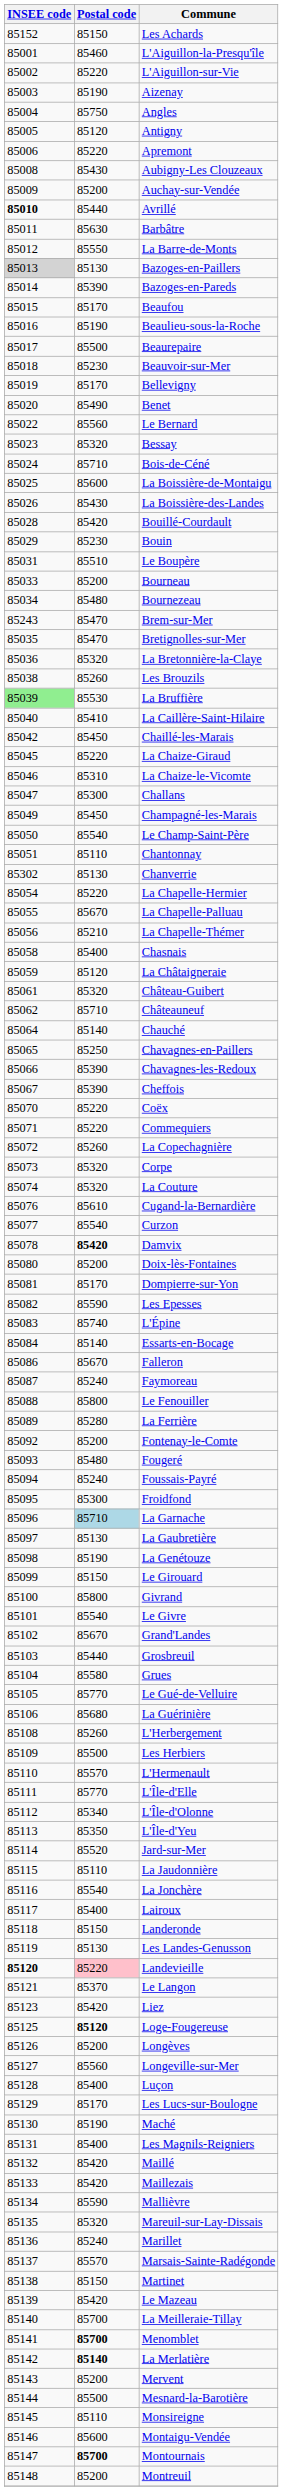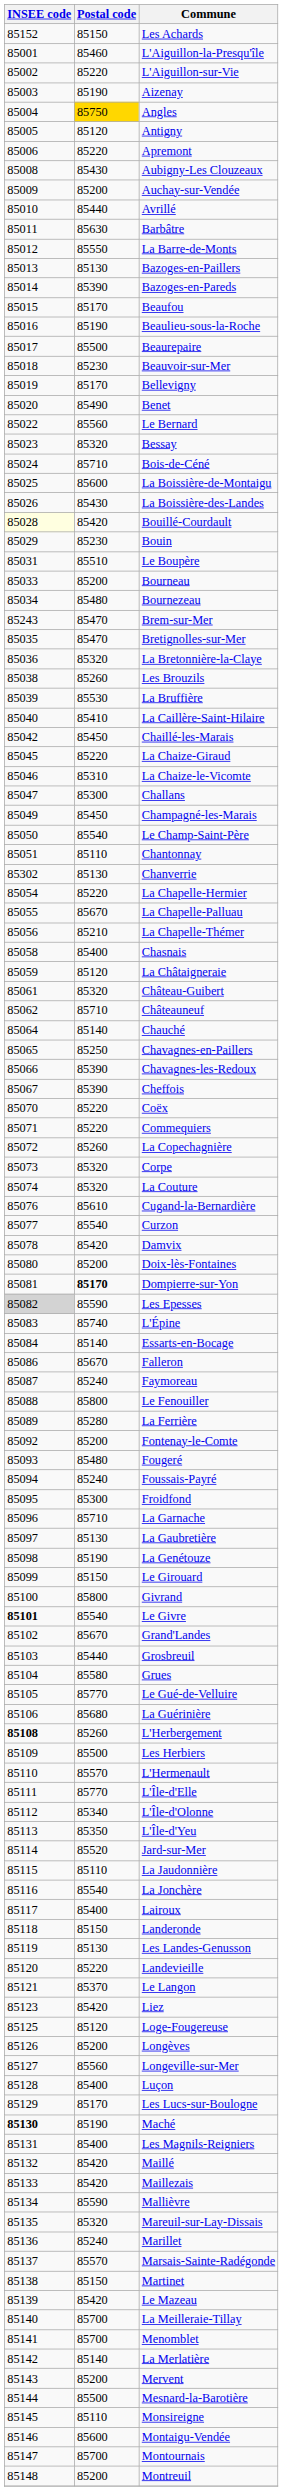 <table class="wikitable sortable">
 <tr>
 <th><a href='#'>INSEE code</a></th>
 <th><a href='#'>Postal code</a></th>
 <th>Commune</th>
 </tr>
 <tr>
 <td>85152</td>
 <td>85150</td>
 <td><a href='#'>Les Achards</a></td>
 </tr>
 <tr>
 <td>85001</td>
 <td>85460</td>
 <td><a href='#'>L'Aiguillon-la-Presqu'île</a></td>
 </tr>
 <tr>
 <td>85002</td>
 <td>85220</td>
 <td><a href='#'>L'Aiguillon-sur-Vie</a></td>
 </tr>
 <tr>
 <td>85003</td>
 <td>85190</td>
 <td><a href='#'>Aizenay</a></td>
 </tr>
 <tr>
 <td>85004</td>
-<td>85750</td>
+<td style="background: gold;">85750</td>
 <td><a href='#'>Angles</a></td>
 </tr>
 <tr>
 <td>85005</td>
 <td>85120</td>
 <td><a href='#'>Antigny</a></td>
 </tr>
 <tr>
 <td>85006</td>
 <td>85220</td>
 <td><a href='#'>Apremont</a></td>
 </tr>
 <tr>
 <td>85008</td>
 <td>85430</td>
 <td><a href='#'>Aubigny-Les Clouzeaux</a></td>
 </tr>
 <tr>
 <td>85009</td>
 <td>85200</td>
 <td><a href='#'>Auchay-sur-Vendée</a></td>
 </tr>
 <tr>
-<td><strong>85010</strong></td>
+<td>85010</td>
 <td>85440</td>
 <td><a href='#'>Avrillé</a></td>
 </tr>
 <tr>
 <td>85011</td>
 <td>85630</td>
 <td><a href='#'>Barbâtre</a></td>
 </tr>
 <tr>
 <td>85012</td>
 <td>85550</td>
 <td><a href='#'>La Barre-de-Monts</a></td>
 </tr>
 <tr>
-<td style="background: lightgrey;">85013</td>
+<td>85013</td>
 <td>85130</td>
 <td><a href='#'>Bazoges-en-Paillers</a></td>
 </tr>
 <tr>
 <td>85014</td>
 <td>85390</td>
 <td><a href='#'>Bazoges-en-Pareds</a></td>
 </tr>
 <tr>
 <td>85015</td>
 <td>85170</td>
 <td><a href='#'>Beaufou</a></td>
 </tr>
 <tr>
 <td>85016</td>
 <td>85190</td>
 <td><a href='#'>Beaulieu-sous-la-Roche</a></td>
 </tr>
 <tr>
 <td>85017</td>
 <td>85500</td>
 <td><a href='#'>Beaurepaire</a></td>
 </tr>
 <tr>
 <td>85018</td>
 <td>85230</td>
 <td><a href='#'>Beauvoir-sur-Mer</a></td>
 </tr>
 <tr>
 <td>85019</td>
 <td>85170</td>
 <td><a href='#'>Bellevigny</a></td>
 </tr>
 <tr>
 <td>85020</td>
 <td>85490</td>
 <td><a href='#'>Benet</a></td>
 </tr>
 <tr>
 <td>85022</td>
 <td>85560</td>
 <td><a href='#'>Le Bernard</a></td>
 </tr>
 <tr>
 <td>85023</td>
 <td>85320</td>
 <td><a href='#'>Bessay</a></td>
 </tr>
 <tr>
 <td>85024</td>
 <td>85710</td>
 <td><a href='#'>Bois-de-Céné</a></td>
 </tr>
 <tr>
 <td>85025</td>
 <td>85600</td>
 <td><a href='#'>La Boissière-de-Montaigu</a></td>
 </tr>
 <tr>
 <td>85026</td>
 <td>85430</td>
 <td><a href='#'>La Boissière-des-Landes</a></td>
 </tr>
 <tr>
-<td>85028</td>
+<td style="background: lightyellow;">85028</td>
 <td>85420</td>
 <td><a href='#'>Bouillé-Courdault</a></td>
 </tr>
 <tr>
 <td>85029</td>
 <td>85230</td>
 <td><a href='#'>Bouin</a></td>
 </tr>
 <tr>
 <td>85031</td>
 <td>85510</td>
 <td><a href='#'>Le Boupère</a></td>
 </tr>
 <tr>
 <td>85033</td>
 <td>85200</td>
 <td><a href='#'>Bourneau</a></td>
 </tr>
 <tr>
 <td>85034</td>
 <td>85480</td>
 <td><a href='#'>Bournezeau</a></td>
 </tr>
 <tr>
 <td>85243</td>
 <td>85470</td>
 <td><a href='#'>Brem-sur-Mer</a></td>
 </tr>
 <tr>
 <td>85035</td>
 <td>85470</td>
 <td><a href='#'>Bretignolles-sur-Mer</a></td>
 </tr>
 <tr>
 <td>85036</td>
 <td>85320</td>
 <td><a href='#'>La Bretonnière-la-Claye</a></td>
 </tr>
 <tr>
 <td>85038</td>
 <td>85260</td>
 <td><a href='#'>Les Brouzils</a></td>
 </tr>
 <tr>
-<td style="background: lightgreen;">85039</td>
+<td>85039</td>
 <td>85530</td>
 <td><a href='#'>La Bruffière</a></td>
 </tr>
 <tr>
 <td>85040</td>
 <td>85410</td>
 <td><a href='#'>La Caillère-Saint-Hilaire</a></td>
 </tr>
 <tr>
 <td>85042</td>
 <td>85450</td>
 <td><a href='#'>Chaillé-les-Marais</a></td>
 </tr>
 <tr>
 <td>85045</td>
 <td>85220</td>
 <td><a href='#'>La Chaize-Giraud</a></td>
 </tr>
 <tr>
 <td>85046</td>
 <td>85310</td>
 <td><a href='#'>La Chaize-le-Vicomte</a></td>
 </tr>
 <tr>
 <td>85047</td>
 <td>85300</td>
 <td><a href='#'>Challans</a></td>
 </tr>
 <tr>
 <td>85049</td>
 <td>85450</td>
 <td><a href='#'>Champagné-les-Marais</a></td>
 </tr>
 <tr>
 <td>85050</td>
 <td>85540</td>
 <td><a href='#'>Le Champ-Saint-Père</a></td>
 </tr>
 <tr>
 <td>85051</td>
 <td>85110</td>
 <td><a href='#'>Chantonnay</a></td>
 </tr>
 <tr>
 <td>85302</td>
 <td>85130</td>
 <td><a href='#'>Chanverrie</a></td>
 </tr>
 <tr>
 <td>85054</td>
 <td>85220</td>
 <td><a href='#'>La Chapelle-Hermier</a></td>
 </tr>
 <tr>
 <td>85055</td>
 <td>85670</td>
 <td><a href='#'>La Chapelle-Palluau</a></td>
 </tr>
 <tr>
 <td>85056</td>
 <td>85210</td>
 <td><a href='#'>La Chapelle-Thémer</a></td>
 </tr>
 <tr>
 <td>85058</td>
 <td>85400</td>
 <td><a href='#'>Chasnais</a></td>
 </tr>
 <tr>
 <td>85059</td>
 <td>85120</td>
 <td><a href='#'>La Châtaigneraie</a></td>
 </tr>
 <tr>
 <td>85061</td>
 <td>85320</td>
 <td><a href='#'>Château-Guibert</a></td>
 </tr>
 <tr>
 <td>85062</td>
 <td>85710</td>
 <td><a href='#'>Châteauneuf</a></td>
 </tr>
 <tr>
 <td>85064</td>
 <td>85140</td>
 <td><a href='#'>Chauché</a></td>
 </tr>
 <tr>
 <td>85065</td>
 <td>85250</td>
 <td><a href='#'>Chavagnes-en-Paillers</a></td>
 </tr>
 <tr>
 <td>85066</td>
 <td>85390</td>
 <td><a href='#'>Chavagnes-les-Redoux</a></td>
 </tr>
 <tr>
 <td>85067</td>
 <td>85390</td>
 <td><a href='#'>Cheffois</a></td>
 </tr>
 <tr>
 <td>85070</td>
 <td>85220</td>
 <td><a href='#'>Coëx</a></td>
 </tr>
 <tr>
 <td>85071</td>
 <td>85220</td>
 <td><a href='#'>Commequiers</a></td>
 </tr>
 <tr>
 <td>85072</td>
 <td>85260</td>
 <td><a href='#'>La Copechagnière</a></td>
 </tr>
 <tr>
 <td>85073</td>
 <td>85320</td>
 <td><a href='#'>Corpe</a></td>
 </tr>
 <tr>
 <td>85074</td>
 <td>85320</td>
 <td><a href='#'>La Couture</a></td>
 </tr>
 <tr>
 <td>85076</td>
 <td>85610</td>
 <td><a href='#'>Cugand-la-Bernardière</a></td>
 </tr>
 <tr>
 <td>85077</td>
 <td>85540</td>
 <td><a href='#'>Curzon</a></td>
 </tr>
 <tr>
 <td>85078</td>
-<td><strong>85420</strong></td>
+<td>85420</td>
 <td><a href='#'>Damvix</a></td>
 </tr>
 <tr>
 <td>85080</td>
 <td>85200</td>
 <td><a href='#'>Doix-lès-Fontaines</a></td>
 </tr>
 <tr>
 <td>85081</td>
-<td>85170</td>
+<td><strong>85170</strong></td>
 <td><a href='#'>Dompierre-sur-Yon</a></td>
 </tr>
 <tr>
-<td>85082</td>
+<td style="background: lightgrey;">85082</td>
 <td>85590</td>
 <td><a href='#'>Les Epesses</a></td>
 </tr>
 <tr>
 <td>85083</td>
 <td>85740</td>
 <td><a href='#'>L'Épine</a></td>
 </tr>
 <tr>
 <td>85084</td>
 <td>85140</td>
 <td><a href='#'>Essarts-en-Bocage</a></td>
 </tr>
 <tr>
 <td>85086</td>
 <td>85670</td>
 <td><a href='#'>Falleron</a></td>
 </tr>
 <tr>
 <td>85087</td>
 <td>85240</td>
 <td><a href='#'>Faymoreau</a></td>
 </tr>
 <tr>
 <td>85088</td>
 <td>85800</td>
 <td><a href='#'>Le Fenouiller</a></td>
 </tr>
 <tr>
 <td>85089</td>
 <td>85280</td>
 <td><a href='#'>La Ferrière</a></td>
 </tr>
 <tr>
 <td>85092</td>
 <td>85200</td>
 <td><a href='#'>Fontenay-le-Comte</a></td>
 </tr>
 <tr>
 <td>85093</td>
 <td>85480</td>
 <td><a href='#'>Fougeré</a></td>
 </tr>
 <tr>
 <td>85094</td>
 <td>85240</td>
 <td><a href='#'>Foussais-Payré</a></td>
 </tr>
 <tr>
 <td>85095</td>
 <td>85300</td>
 <td><a href='#'>Froidfond</a></td>
 </tr>
 <tr>
 <td>85096</td>
-<td style="background: lightblue;">85710</td>
+<td>85710</td>
 <td><a href='#'>La Garnache</a></td>
 </tr>
 <tr>
 <td>85097</td>
 <td>85130</td>
 <td><a href='#'>La Gaubretière</a></td>
 </tr>
 <tr>
 <td>85098</td>
 <td>85190</td>
 <td><a href='#'>La Genétouze</a></td>
 </tr>
 <tr>
 <td>85099</td>
 <td>85150</td>
 <td><a href='#'>Le Girouard</a></td>
 </tr>
 <tr>
 <td>85100</td>
 <td>85800</td>
 <td><a href='#'>Givrand</a></td>
 </tr>
 <tr>
-<td>85101</td>
+<td><strong>85101</strong></td>
 <td>85540</td>
 <td><a href='#'>Le Givre</a></td>
 </tr>
 <tr>
 <td>85102</td>
 <td>85670</td>
 <td><a href='#'>Grand'Landes</a></td>
 </tr>
 <tr>
 <td>85103</td>
 <td>85440</td>
 <td><a href='#'>Grosbreuil</a></td>
 </tr>
 <tr>
 <td>85104</td>
 <td>85580</td>
 <td><a href='#'>Grues</a></td>
 </tr>
 <tr>
 <td>85105</td>
 <td>85770</td>
 <td><a href='#'>Le Gué-de-Velluire</a></td>
 </tr>
 <tr>
 <td>85106</td>
 <td>85680</td>
 <td><a href='#'>La Guérinière</a></td>
 </tr>
 <tr>
-<td>85108</td>
+<td><strong>85108</strong></td>
 <td>85260</td>
 <td><a href='#'>L'Herbergement</a></td>
 </tr>
 <tr>
 <td>85109</td>
 <td>85500</td>
 <td><a href='#'>Les Herbiers</a></td>
 </tr>
 <tr>
 <td>85110</td>
 <td>85570</td>
 <td><a href='#'>L'Hermenault</a></td>
 </tr>
 <tr>
 <td>85111</td>
 <td>85770</td>
 <td><a href='#'>L'Île-d'Elle</a></td>
 </tr>
 <tr>
 <td>85112</td>
 <td>85340</td>
 <td><a href='#'>L'Île-d'Olonne</a></td>
 </tr>
 <tr>
 <td>85113</td>
 <td>85350</td>
 <td><a href='#'>L'Île-d'Yeu</a></td>
 </tr>
 <tr>
 <td>85114</td>
 <td>85520</td>
 <td><a href='#'>Jard-sur-Mer</a></td>
 </tr>
 <tr>
 <td>85115</td>
 <td>85110</td>
 <td><a href='#'>La Jaudonnière</a></td>
 </tr>
 <tr>
 <td>85116</td>
 <td>85540</td>
 <td><a href='#'>La Jonchère</a></td>
 </tr>
 <tr>
 <td>85117</td>
 <td>85400</td>
 <td><a href='#'>Lairoux</a></td>
 </tr>
 <tr>
 <td>85118</td>
 <td>85150</td>
 <td><a href='#'>Landeronde</a></td>
 </tr>
 <tr>
 <td>85119</td>
 <td>85130</td>
 <td><a href='#'>Les Landes-Genusson</a></td>
 </tr>
 <tr>
-<td><strong>85120</strong></td>
-<td style="background: pink;">85220</td>
+<td>85120</td>
+<td>85220</td>
 <td><a href='#'>Landevieille</a></td>
 </tr>
 <tr>
 <td>85121</td>
 <td>85370</td>
 <td><a href='#'>Le Langon</a></td>
 </tr>
 <tr>
 <td>85123</td>
 <td>85420</td>
 <td><a href='#'>Liez</a></td>
 </tr>
 <tr>
 <td>85125</td>
-<td><strong>85120</strong></td>
+<td>85120</td>
 <td><a href='#'>Loge-Fougereuse</a></td>
 </tr>
 <tr>
 <td>85126</td>
 <td>85200</td>
 <td><a href='#'>Longèves</a></td>
 </tr>
 <tr>
 <td>85127</td>
 <td>85560</td>
 <td><a href='#'>Longeville-sur-Mer</a></td>
 </tr>
 <tr>
 <td>85128</td>
 <td>85400</td>
 <td><a href='#'>Luçon</a></td>
 </tr>
 <tr>
 <td>85129</td>
 <td>85170</td>
 <td><a href='#'>Les Lucs-sur-Boulogne</a></td>
 </tr>
 <tr>
-<td>85130</td>
+<td><strong>85130</strong></td>
 <td>85190</td>
 <td><a href='#'>Maché</a></td>
 </tr>
 <tr>
 <td>85131</td>
 <td>85400</td>
 <td><a href='#'>Les Magnils-Reigniers</a></td>
 </tr>
 <tr>
 <td>85132</td>
 <td>85420</td>
 <td><a href='#'>Maillé</a></td>
 </tr>
 <tr>
 <td>85133</td>
 <td>85420</td>
 <td><a href='#'>Maillezais</a></td>
 </tr>
 <tr>
 <td>85134</td>
 <td>85590</td>
 <td><a href='#'>Mallièvre</a></td>
 </tr>
 <tr>
 <td>85135</td>
 <td>85320</td>
 <td><a href='#'>Mareuil-sur-Lay-Dissais</a></td>
 </tr>
 <tr>
 <td>85136</td>
 <td>85240</td>
 <td><a href='#'>Marillet</a></td>
 </tr>
 <tr>
 <td>85137</td>
 <td>85570</td>
 <td><a href='#'>Marsais-Sainte-Radégonde</a></td>
 </tr>
 <tr>
 <td>85138</td>
 <td>85150</td>
 <td><a href='#'>Martinet</a></td>
 </tr>
 <tr>
 <td>85139</td>
 <td>85420</td>
 <td><a href='#'>Le Mazeau</a></td>
 </tr>
 <tr>
 <td>85140</td>
 <td>85700</td>
 <td><a href='#'>La Meilleraie-Tillay</a></td>
 </tr>
 <tr>
 <td>85141</td>
-<td><strong>85700</strong></td>
+<td>85700</td>
 <td><a href='#'>Menomblet</a></td>
 </tr>
 <tr>
 <td>85142</td>
-<td><strong>85140</strong></td>
+<td>85140</td>
 <td><a href='#'>La Merlatière</a></td>
 </tr>
 <tr>
 <td>85143</td>
 <td>85200</td>
 <td><a href='#'>Mervent</a></td>
 </tr>
 <tr>
 <td>85144</td>
 <td>85500</td>
 <td><a href='#'>Mesnard-la-Barotière</a></td>
 </tr>
 <tr>
 <td>85145</td>
 <td>85110</td>
 <td><a href='#'>Monsireigne</a></td>
 </tr>
 <tr>
 <td>85146</td>
 <td>85600</td>
 <td><a href='#'>Montaigu-Vendée</a></td>
 </tr>
 <tr>
 <td>85147</td>
-<td><strong>85700</strong></td>
+<td>85700</td>
 <td><a href='#'>Montournais</a></td>
 </tr>
 <tr>
 <td>85148</td>
 <td>85200</td>
 <td><a href='#'>Montreuil</a></td>
 </tr>
 <tr>
 </tr>
 </table>
